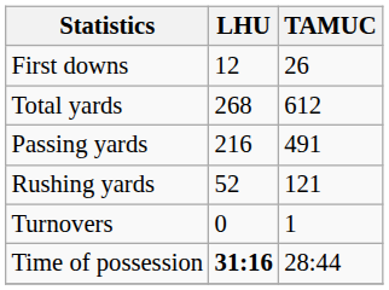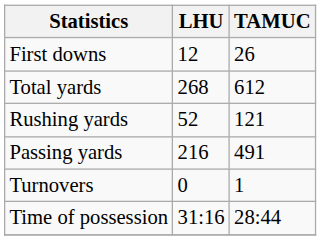 <table class="wikitable" style="float: left;">
 <tr>
 <th>Statistics</th>
 <th>LHU</th>
 <th>TAMUC</th>
 </tr>
 <tr>
 <td>First downs</td>
 <td>12</td>
 <td>26</td>
 </tr>
 <tr>
 <td>Total yards</td>
 <td>268</td>
 <td>612</td>
 </tr>
 <tr>
+<td>Rushing yards</td>
+<td>52</td>
+<td>121</td>
+</tr>
+<tr>
 <td>Passing yards</td>
 <td>216</td>
 <td>491</td>
-</tr>
-<tr>
-<td>Rushing yards</td>
-<td>52</td>
-<td>121</td>
 </tr>
 <tr>
 <td>Turnovers</td>
 <td>0</td>
 <td>1</td>
 </tr>
 <tr>
 <td>Time of possession</td>
-<td><strong>31:16</strong></td>
+<td>31:16</td>
 <td>28:44</td>
 </tr>
 <tr>
 </tr>
 </table>
